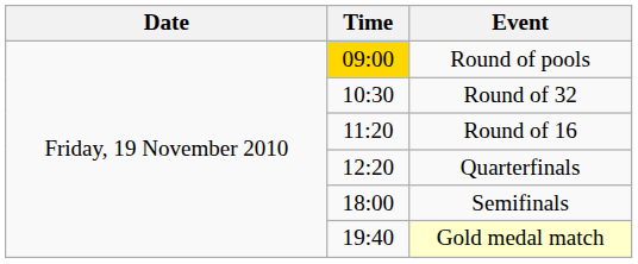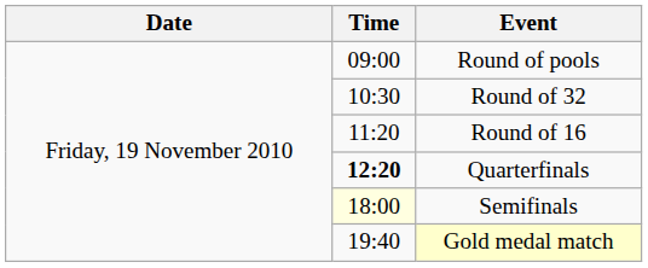 <table class = "wikitable" style="text-align:center;">
 <tr>
 <th width=220>Date</th>
 <th width=50>Time</th>
 <th width=150>Event</th>
 </tr>
 <tr>
 <td rowspan=6>Friday, 19 November 2010</td>
-<td style="background: gold;">09:00</td>
+<td>09:00</td>
 <td>Round of pools</td>
 </tr>
 <tr>
 <td>10:30</td>
 <td>Round of 32</td>
 </tr>
 <tr>
 <td>11:20</td>
 <td>Round of 16</td>
 </tr>
 <tr>
-<td>12:20</td>
+<td><strong>12:20</strong></td>
 <td>Quarterfinals</td>
 </tr>
 <tr>
-<td>18:00</td>
+<td style="background: lightyellow;">18:00</td>
 <td>Semifinals</td>
 </tr>
 <tr>
 <td>19:40</td>
 <td bgcolor=ffffcc>Gold medal match</td>
 </tr>
 </table>
